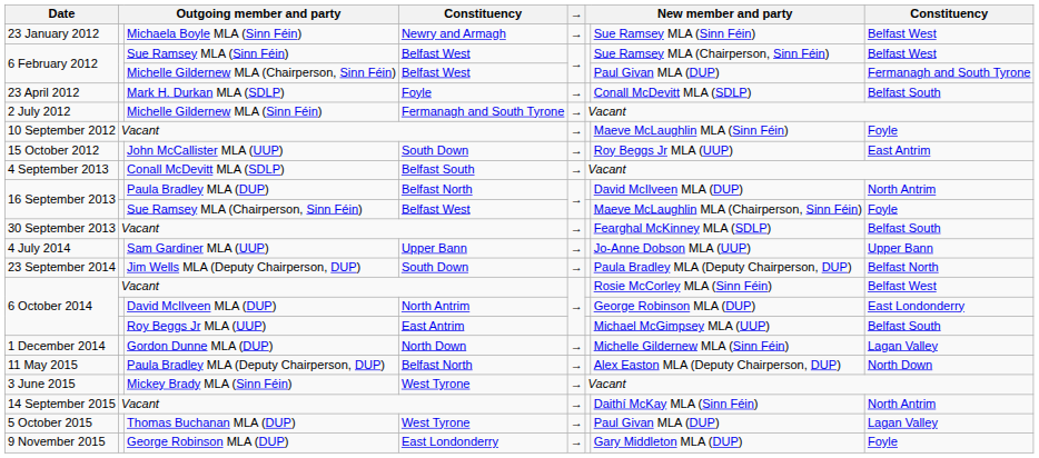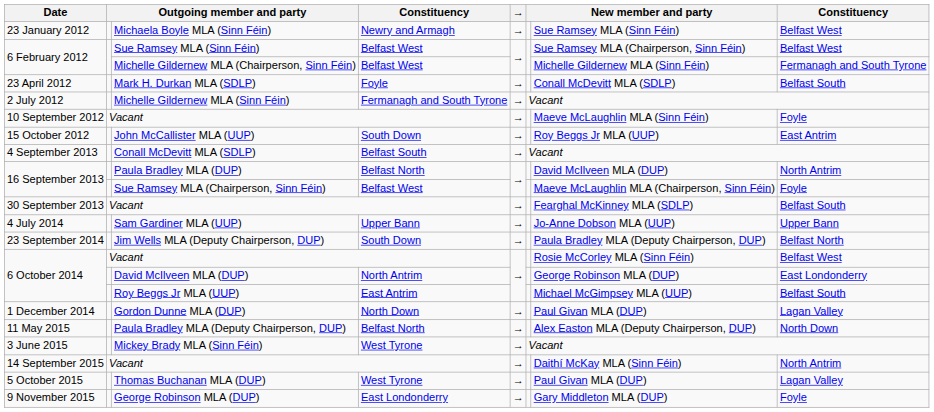 <table class="wikitable">
 <tr>
 <th valign="top">Date</th>
 <th colspan="2" valign="top">Outgoing member and party</th>
 <th valign="top">Constituency</th>
 <th>→</th>
 <th colspan="2" valign="top">New member and party</th>
 <th valign="top">Constituency</th>
 </tr>
 <tr>
 <td>23 January 2012</td>
 <td></td>
 <td><a href='#'>Michaela Boyle</a> MLA (<a href='#'>Sinn Féin</a>)</td>
 <td><a href='#'>Newry and Armagh</a></td>
 <td>→</td>
 <td></td>
 <td><a href='#'>Sue Ramsey</a> MLA (<a href='#'>Sinn Féin</a>)</td>
 <td><a href='#'>Belfast West</a></td>
 </tr>
 <tr>
 <td rowspan=2>6 February 2012</td>
 <td rowspan=2></td>
 <td><a href='#'>Sue Ramsey</a> MLA (<a href='#'>Sinn Féin</a>)</td>
 <td><a href='#'>Belfast West</a></td>
 <td rowspan=2>→</td>
 <td rowspan=2></td>
 <td><a href='#'>Sue Ramsey</a> MLA (Chairperson, <a href='#'>Sinn Féin</a>)</td>
 <td><a href='#'>Belfast West</a></td>
 </tr>
 <tr>
 <td><a href='#'>Michelle Gildernew</a> MLA (Chairperson, <a href='#'>Sinn Féin</a>)</td>
 <td><a href='#'>Belfast West</a></td>
-<td><a href='#'>Paul Givan</a> MLA (<a href='#'>DUP</a>)</td>
+<td><a href='#'>Michelle Gildernew</a> MLA (<a href='#'>Sinn Féin</a>)</td>
 <td><a href='#'>Fermanagh and South Tyrone</a></td>
 </tr>
 <tr>
 <td>23 April 2012</td>
 <td></td>
 <td><a href='#'>Mark H. Durkan</a> MLA (<a href='#'>SDLP</a>)</td>
 <td><a href='#'>Foyle</a></td>
 <td>→</td>
 <td></td>
 <td><a href='#'>Conall McDevitt</a> MLA (<a href='#'>SDLP</a>)</td>
 <td><a href='#'>Belfast South</a></td>
 </tr>
 <tr>
 <td>2 July 2012</td>
 <td></td>
 <td><a href='#'>Michelle Gildernew</a> MLA (<a href='#'>Sinn Féin</a>)</td>
 <td><a href='#'>Fermanagh and South Tyrone</a></td>
 <td>→</td>
 <td colspan=3><em>Vacant</em></td>
 </tr>
 <tr>
 <td>10 September 2012</td>
 <td colspan=3><em>Vacant</em></td>
 <td>→</td>
 <td></td>
 <td><a href='#'>Maeve McLaughlin</a> MLA (<a href='#'>Sinn Féin</a>)</td>
 <td><a href='#'>Foyle</a></td>
 </tr>
 <tr>
 <td>15 October 2012</td>
 <td></td>
 <td><a href='#'>John McCallister</a> MLA (<a href='#'>UUP</a>)</td>
 <td><a href='#'>South Down</a></td>
 <td>→</td>
 <td></td>
 <td><a href='#'>Roy Beggs Jr</a> MLA (<a href='#'>UUP</a>)</td>
 <td><a href='#'>East Antrim</a></td>
 </tr>
 <tr>
 <td>4 September 2013</td>
 <td></td>
 <td><a href='#'>Conall McDevitt</a> MLA (<a href='#'>SDLP</a>)</td>
 <td><a href='#'>Belfast South</a></td>
 <td>→</td>
 <td colspan=3><em>Vacant</em></td>
 </tr>
 <tr>
 <td rowspan=2>16 September 2013</td>
 <td></td>
 <td><a href='#'>Paula Bradley</a> MLA (<a href='#'>DUP</a>)</td>
 <td><a href='#'>Belfast North</a></td>
 <td rowspan=2>→</td>
 <td></td>
 <td><a href='#'>David McIlveen</a> MLA (<a href='#'>DUP</a>)</td>
 <td><a href='#'>North Antrim</a></td>
 </tr>
 <tr>
 <td></td>
 <td><a href='#'>Sue Ramsey</a> MLA (Chairperson, <a href='#'>Sinn Féin</a>)</td>
 <td><a href='#'>Belfast West</a></td>
 <td></td>
 <td><a href='#'>Maeve McLaughlin</a> MLA (Chairperson, <a href='#'>Sinn Féin</a>)</td>
 <td><a href='#'>Foyle</a></td>
 </tr>
 <tr>
 <td>30 September 2013</td>
 <td colspan=3><em>Vacant</em></td>
 <td>→</td>
 <td></td>
 <td><a href='#'>Fearghal McKinney</a> MLA (<a href='#'>SDLP</a>)</td>
 <td><a href='#'>Belfast South</a></td>
 </tr>
 <tr>
 <td>4 July 2014</td>
 <td></td>
 <td><a href='#'>Sam Gardiner</a> MLA (<a href='#'>UUP</a>)</td>
 <td><a href='#'>Upper Bann</a></td>
 <td>→</td>
 <td></td>
 <td><a href='#'>Jo-Anne Dobson</a> MLA (<a href='#'>UUP</a>)</td>
 <td><a href='#'>Upper Bann</a></td>
 </tr>
 <tr>
 <td>23 September 2014</td>
 <td></td>
 <td><a href='#'>Jim Wells</a> MLA (Deputy Chairperson, <a href='#'>DUP</a>)</td>
 <td><a href='#'>South Down</a></td>
 <td>→</td>
 <td></td>
 <td><a href='#'>Paula Bradley</a> MLA (Deputy Chairperson, <a href='#'>DUP</a>)</td>
 <td><a href='#'>Belfast North</a></td>
 </tr>
 <tr>
 <td rowspan=3>6 October 2014</td>
 <td colspan=3><em>Vacant</em></td>
 <td rowspan=3>→</td>
 <td></td>
 <td><a href='#'>Rosie McCorley</a> MLA (<a href='#'>Sinn Féin</a>)</td>
 <td><a href='#'>Belfast West</a></td>
 </tr>
 <tr>
 <td></td>
 <td><a href='#'>David McIlveen</a> MLA (<a href='#'>DUP</a>)</td>
 <td><a href='#'>North Antrim</a></td>
 <td></td>
 <td><a href='#'>George Robinson</a> MLA (<a href='#'>DUP</a>)</td>
 <td><a href='#'>East Londonderry</a></td>
 </tr>
 <tr>
 <td></td>
 <td><a href='#'>Roy Beggs Jr</a> MLA (<a href='#'>UUP</a>)</td>
 <td><a href='#'>East Antrim</a></td>
 <td></td>
 <td><a href='#'>Michael McGimpsey</a> MLA (<a href='#'>UUP</a>)</td>
 <td><a href='#'>Belfast South</a></td>
 </tr>
 <tr>
 <td>1 December 2014</td>
 <td></td>
 <td><a href='#'>Gordon Dunne</a> MLA (<a href='#'>DUP</a>)</td>
 <td><a href='#'>North Down</a></td>
 <td>→</td>
 <td></td>
-<td><a href='#'>Michelle Gildernew</a> MLA (<a href='#'>Sinn Féin</a>)</td>
+<td><a href='#'>Paul Givan</a> MLA (<a href='#'>DUP</a>)</td>
 <td><a href='#'>Lagan Valley</a></td>
 </tr>
 <tr>
 <td>11 May 2015</td>
 <td></td>
 <td><a href='#'>Paula Bradley</a> MLA (Deputy Chairperson, <a href='#'>DUP</a>)</td>
 <td><a href='#'>Belfast North</a></td>
 <td>→</td>
 <td></td>
 <td><a href='#'>Alex Easton</a> MLA (Deputy Chairperson, <a href='#'>DUP</a>)</td>
 <td><a href='#'>North Down</a></td>
 </tr>
 <tr>
 <td>3 June 2015</td>
 <td></td>
 <td><a href='#'>Mickey Brady</a> MLA (<a href='#'>Sinn Féin</a>)</td>
 <td><a href='#'>West Tyrone</a></td>
 <td>→</td>
 <td colspan=3><em>Vacant</em></td>
 </tr>
 <tr>
 <td>14 September 2015</td>
 <td colspan=3><em>Vacant</em></td>
 <td>→</td>
 <td></td>
 <td><a href='#'>Daithí McKay</a> MLA (<a href='#'>Sinn Féin</a>)</td>
 <td><a href='#'>North Antrim</a></td>
 </tr>
 <tr>
 <td>5 October 2015</td>
 <td></td>
 <td><a href='#'>Thomas Buchanan</a> MLA (<a href='#'>DUP</a>)</td>
 <td><a href='#'>West Tyrone</a></td>
 <td>→</td>
 <td></td>
 <td><a href='#'>Paul Givan</a> MLA (<a href='#'>DUP</a>)</td>
 <td><a href='#'>Lagan Valley</a></td>
 </tr>
 <tr>
 <td>9 November 2015</td>
 <td></td>
 <td><a href='#'>George Robinson</a> MLA (<a href='#'>DUP</a>)</td>
 <td><a href='#'>East Londonderry</a></td>
 <td>→</td>
 <td></td>
 <td><a href='#'>Gary Middleton</a> MLA (<a href='#'>DUP</a>)</td>
 <td><a href='#'>Foyle</a></td>
 </tr>
 </table>
